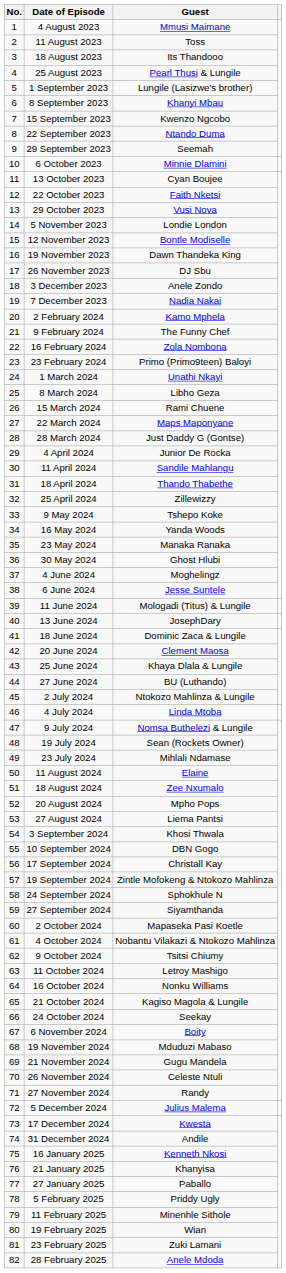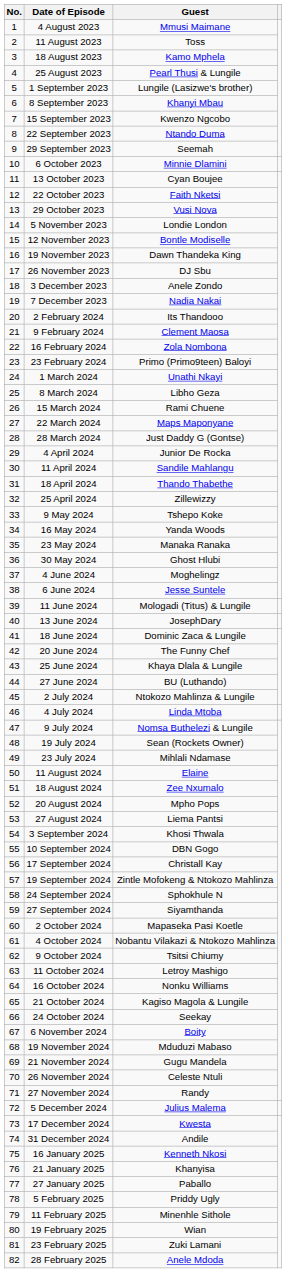 <table class="wikitable plainrowheaders" style="text-align:center;">
 <tr>
 <th scope="col">No.</th>
 <th scope="col">Date of Episode</th>
 <th scope="col">Guest</th>
 <th></th>
 </tr>
 <tr>
 <td>1</td>
 <td>4 August 2023</td>
 <td><a href='#'>Mmusi Maimane</a></td>
 </tr>
 <tr>
 <td>2</td>
 <td>11 August 2023</td>
 <td>Toss</td>
 </tr>
 <tr>
 <td>3</td>
 <td>18 August 2023</td>
-<td>Its Thandooo</td>
+<td><a href='#'>Kamo Mphela</a></td>
 </tr>
 <tr>
 <td>4</td>
 <td>25 August 2023</td>
 <td><a href='#'>Pearl Thusi</a> & Lungile</td>
 </tr>
 <tr>
 <td>5</td>
 <td>1 September 2023</td>
 <td>Lungile (Lasizwe's brother)</td>
 </tr>
 <tr>
 <td>6</td>
 <td>8 September 2023</td>
 <td><a href='#'>Khanyi Mbau</a></td>
 </tr>
 <tr>
 <td>7</td>
 <td>15 September 2023</td>
 <td>Kwenzo Ngcobo</td>
 </tr>
 <tr>
 <td>8</td>
 <td>22 September 2023</td>
 <td><a href='#'>Ntando Duma</a></td>
 </tr>
 <tr>
 <td>9</td>
 <td>29 September 2023</td>
 <td>Seemah</td>
 </tr>
 <tr>
 <td>10</td>
 <td>6 October 2023</td>
 <td><a href='#'>Minnie Dlamini</a></td>
 <td></td>
 </tr>
 <tr>
 <td>11</td>
 <td>13 October 2023</td>
 <td>Cyan Boujee</td>
 </tr>
 <tr>
 <td>12</td>
 <td>22 October 2023</td>
 <td><a href='#'>Faith Nketsi</a></td>
 </tr>
 <tr>
 <td>13</td>
 <td>29 October 2023</td>
 <td><a href='#'>Vusi Nova</a></td>
 </tr>
 <tr>
 <td>14</td>
 <td>5 November 2023</td>
 <td>Londie London</td>
 </tr>
 <tr>
 <td>15</td>
 <td>12 November 2023</td>
 <td><a href='#'>Bontle Modiselle</a></td>
 </tr>
 <tr>
 <td>16</td>
 <td>19 November 2023</td>
 <td>Dawn Thandeka King</td>
 </tr>
 <tr>
 <td>17</td>
 <td>26 November 2023</td>
 <td>DJ Sbu</td>
 </tr>
 <tr>
 <td>18</td>
 <td>3 December 2023</td>
 <td>Anele Zondo</td>
 </tr>
 <tr>
 <td>19</td>
 <td>7 December 2023</td>
 <td><a href='#'>Nadia Nakai</a></td>
 </tr>
 <tr>
 <td>20</td>
 <td>2 February 2024</td>
-<td><a href='#'>Kamo Mphela</a></td>
+<td>Its Thandooo</td>
 </tr>
 <tr>
 <td>21</td>
 <td>9 February 2024</td>
-<td>The Funny Chef</td>
+<td><a href='#'>Clement Maosa</a></td>
 </tr>
 <tr>
 <td>22</td>
 <td>16 February 2024</td>
 <td><a href='#'>Zola Nombona</a></td>
 </tr>
 <tr>
 <td>23</td>
 <td>23 February 2024</td>
 <td>Primo (Primo9teen) Baloyi</td>
 </tr>
 <tr>
 <td>24</td>
 <td>1 March 2024</td>
 <td><a href='#'>Unathi Nkayi</a></td>
 </tr>
 <tr>
 <td>25</td>
 <td>8 March 2024</td>
 <td>Libho Geza</td>
 </tr>
 <tr>
 <td>26</td>
 <td>15 March 2024</td>
 <td>Rami Chuene</td>
 </tr>
 <tr>
 <td>27</td>
 <td>22 March 2024</td>
 <td><a href='#'>Maps Maponyane</a></td>
 </tr>
 <tr>
 <td>28</td>
 <td>28 March 2024</td>
 <td>Just Daddy G (Gontse)</td>
 </tr>
 <tr>
 <td>29</td>
 <td>4 April 2024</td>
 <td>Junior De Rocka</td>
 </tr>
 <tr>
 <td>30</td>
 <td>11 April 2024</td>
 <td><a href='#'>Sandile Mahlangu</a></td>
 </tr>
 <tr>
 <td>31</td>
 <td>18 April 2024</td>
 <td><a href='#'>Thando Thabethe</a></td>
 </tr>
 <tr>
 <td>32</td>
 <td>25 April 2024</td>
 <td>Zillewizzy</td>
 </tr>
 <tr>
 <td>33</td>
 <td>9 May 2024</td>
 <td>Tshepo Koke</td>
 </tr>
 <tr>
 <td>34</td>
 <td>16 May 2024</td>
 <td>Yanda Woods</td>
 </tr>
 <tr>
 <td>35</td>
 <td>23 May 2024</td>
 <td>Manaka Ranaka</td>
 </tr>
 <tr>
 <td>36</td>
 <td>30 May 2024</td>
 <td>Ghost Hlubi</td>
 </tr>
 <tr>
 <td>37</td>
 <td>4 June 2024</td>
 <td>Moghelingz</td>
 </tr>
 <tr>
 <td>38</td>
 <td>6 June 2024</td>
 <td><a href='#'>Jesse Suntele</a></td>
 </tr>
 <tr>
 <td>39</td>
 <td>11 June 2024</td>
 <td>Mologadi (Titus) &  Lungile</td>
 <td></td>
 </tr>
 <tr>
 <td>40</td>
 <td>13 June 2024</td>
 <td>JosephDary</td>
 <td></td>
 </tr>
 <tr>
 <td>41</td>
 <td>18 June 2024</td>
 <td>Dominic Zaca & Lungile</td>
 </tr>
 <tr>
 <td>42</td>
 <td>20 June 2024</td>
-<td><a href='#'>Clement Maosa</a></td>
+<td>The Funny Chef</td>
 </tr>
 <tr>
 <td>43</td>
 <td>25 June 2024</td>
 <td>Khaya Dlala & Lungile</td>
 </tr>
 <tr>
 <td>44</td>
 <td>27 June 2024</td>
 <td>BU (Luthando)</td>
 </tr>
 <tr>
 <td>45</td>
 <td>2 July 2024</td>
 <td>Ntokozo Mahlinza & Lungile</td>
 </tr>
 <tr>
 <td>46</td>
 <td>4 July 2024</td>
 <td><a href='#'>Linda Mtoba</a></td>
 <td></td>
 </tr>
 <tr>
 <td>47</td>
 <td>9 July 2024</td>
 <td><a href='#'>Nomsa Buthelezi</a> & Lungile</td>
 </tr>
 <tr>
 <td>48</td>
 <td>19 July 2024</td>
 <td>Sean (Rockets Owner)</td>
 </tr>
 <tr>
 <td>49</td>
 <td>23 July 2024</td>
 <td>Mihlali Ndamase</td>
 </tr>
 <tr>
 <td>50</td>
 <td>11 August 2024</td>
 <td><a href='#'>Elaine</a></td>
 </tr>
 <tr>
 <td>51</td>
 <td>18 August 2024</td>
 <td><a href='#'>Zee Nxumalo</a></td>
 </tr>
 <tr>
 <td>52</td>
 <td>20 August 2024</td>
 <td>Mpho Pops</td>
 </tr>
 <tr>
 <td>53</td>
 <td>27 August 2024</td>
 <td>Liema Pantsi</td>
 </tr>
 <tr>
 <td>54</td>
 <td>3 September 2024</td>
 <td>Khosi Thwala</td>
 </tr>
 <tr>
 <td>55</td>
 <td>10 September 2024</td>
 <td>DBN Gogo</td>
 </tr>
 <tr>
 <td>56</td>
 <td>17 September 2024</td>
 <td>Christall Kay</td>
 </tr>
 <tr>
 <td>57</td>
 <td>19 September 2024</td>
 <td>Zintle Mofokeng & Ntokozo Mahlinza</td>
 </tr>
 <tr>
 <td>58</td>
 <td>24 September 2024</td>
 <td>Sphokhule N</td>
 </tr>
 <tr>
 <td>59</td>
 <td>27 September 2024</td>
 <td>Siyamthanda</td>
 </tr>
 <tr>
 <td>60</td>
 <td>2 October 2024</td>
 <td>Mapaseka Pasi Koetle</td>
 </tr>
 <tr>
 <td>61</td>
 <td>4 October 2024</td>
 <td>Nobantu Vilakazi & Ntokozo Mahlinza</td>
 </tr>
 <tr>
 <td>62</td>
 <td>9 October 2024</td>
 <td>Tsitsi Chiumy</td>
 </tr>
 <tr>
 <td>63</td>
 <td>11 October 2024</td>
 <td>Letroy Mashigo</td>
 </tr>
 <tr>
 <td>64</td>
 <td>16 October 2024</td>
 <td>Nonku Williams</td>
 </tr>
 <tr>
 <td>65</td>
 <td>21 October 2024</td>
 <td>Kagiso Magola & Lungile</td>
 </tr>
 <tr>
 <td>66</td>
 <td>24 October 2024</td>
 <td>Seekay</td>
 </tr>
 <tr>
 <td>67</td>
 <td>6 November 2024</td>
 <td><a href='#'>Boity</a></td>
 </tr>
 <tr>
 <td>68</td>
 <td>19 November 2024</td>
 <td>Mduduzi Mabaso</td>
 </tr>
 <tr>
 <td>69</td>
 <td>21 November 2024</td>
 <td>Gugu Mandela</td>
 </tr>
 <tr>
 <td>70</td>
 <td>26 November 2024</td>
 <td>Celeste Ntuli</td>
 </tr>
 <tr>
 <td>71</td>
 <td>27 November 2024</td>
 <td>Randy</td>
 </tr>
 <tr>
 <td>72</td>
 <td>5 December 2024</td>
 <td><a href='#'>Julius Malema</a></td>
 <td></td>
 </tr>
 <tr>
 <td>73</td>
 <td>17 December 2024</td>
 <td><a href='#'>Kwesta</a></td>
 </tr>
 <tr>
 <td>74</td>
 <td>31 December 2024</td>
 <td>Andile</td>
 </tr>
 <tr>
 <td>75</td>
 <td>16 January 2025</td>
 <td><a href='#'>Kenneth Nkosi</a></td>
 </tr>
 <tr>
 <td>76</td>
 <td>21 January 2025</td>
 <td>Khanyisa</td>
 </tr>
 <tr>
 <td>77</td>
 <td>27 January 2025</td>
 <td>Paballo</td>
 </tr>
 <tr>
 <td>78</td>
 <td>5 February 2025</td>
 <td>Priddy Ugly</td>
 </tr>
 <tr>
 <td>79</td>
 <td>11 February 2025</td>
 <td>Minenhle Sithole</td>
 </tr>
 <tr>
 <td>80</td>
 <td>19 February 2025</td>
 <td>Wian</td>
 </tr>
 <tr>
 <td>81</td>
 <td>23 February 2025</td>
 <td>Zuki Lamani</td>
 </tr>
 <tr>
 <td>82</td>
 <td>28 February 2025</td>
 <td><a href='#'>Anele Mdoda</a></td>
 </tr>
 </table>
